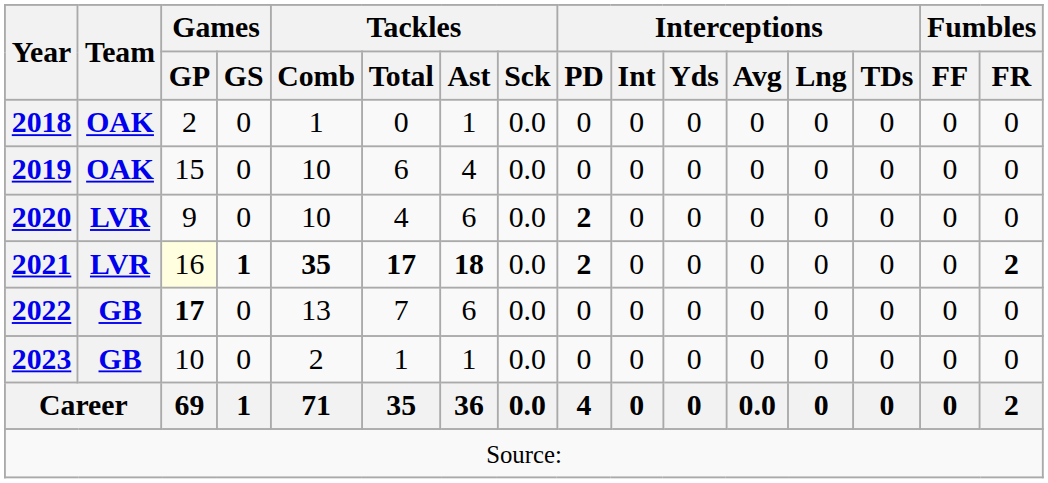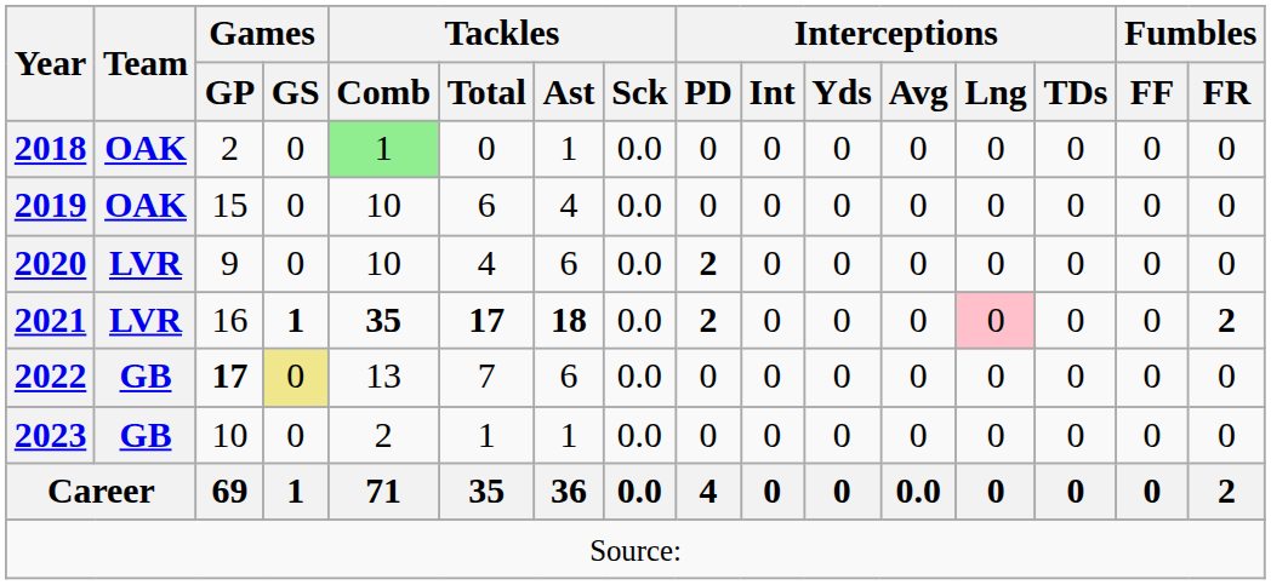 <table class="wikitable" style="text-align: center;">
 <tr>
 <th rowspan="2">Year</th>
 <th rowspan="2">Team</th>
 <th colspan="2">Games</th>
 <th colspan="4">Tackles</th>
 <th colspan="6">Interceptions</th>
 <th colspan="2">Fumbles</th>
 </tr>
 <tr>
 <th>GP</th>
 <th>GS</th>
 <th>Comb</th>
 <th>Total</th>
 <th>Ast</th>
 <th>Sck</th>
 <th>PD</th>
 <th>Int</th>
 <th>Yds</th>
 <th>Avg</th>
 <th>Lng</th>
 <th>TDs</th>
 <th>FF</th>
 <th>FR</th>
 </tr>
 <tr>
 <th><a href='#'>2018</a></th>
 <th><a href='#'>OAK</a></th>
 <td>2</td>
 <td>0</td>
-<td>1</td>
+<td style="background: lightgreen;">1</td>
 <td>0</td>
 <td>1</td>
 <td>0.0</td>
 <td>0</td>
 <td>0</td>
 <td>0</td>
 <td>0</td>
 <td>0</td>
 <td>0</td>
 <td>0</td>
 <td>0</td>
 </tr>
 <tr>
 <th><a href='#'>2019</a></th>
 <th><a href='#'>OAK</a></th>
 <td>15</td>
 <td>0</td>
 <td>10</td>
 <td>6</td>
 <td>4</td>
 <td>0.0</td>
 <td>0</td>
 <td>0</td>
 <td>0</td>
 <td>0</td>
 <td>0</td>
 <td>0</td>
 <td>0</td>
 <td>0</td>
 </tr>
 <tr>
 <th><a href='#'>2020</a></th>
 <th><a href='#'>LVR</a></th>
 <td>9</td>
 <td>0</td>
 <td>10</td>
 <td>4</td>
 <td>6</td>
 <td>0.0</td>
 <td><strong>2</strong></td>
 <td>0</td>
 <td>0</td>
 <td>0</td>
 <td>0</td>
 <td>0</td>
 <td>0</td>
 <td>0</td>
 </tr>
 <tr>
 <th><a href='#'>2021</a></th>
 <th><a href='#'>LVR</a></th>
-<td style="background: lightyellow;">16</td>
+<td>16</td>
 <td><strong>1</strong></td>
 <td><strong>35</strong></td>
 <td><strong>17</strong></td>
 <td><strong>18</strong></td>
 <td>0.0</td>
 <td><strong>2</strong></td>
 <td>0</td>
 <td>0</td>
 <td>0</td>
-<td>0</td>
+<td style="background: pink;">0</td>
 <td>0</td>
 <td>0</td>
 <td><strong>2</strong></td>
 </tr>
 <tr>
 <th><a href='#'>2022</a></th>
 <th><a href='#'>GB</a></th>
 <td><strong>17</strong></td>
-<td>0</td>
+<td style="background: khaki;">0</td>
 <td>13</td>
 <td>7</td>
 <td>6</td>
 <td>0.0</td>
 <td>0</td>
 <td>0</td>
 <td>0</td>
 <td>0</td>
 <td>0</td>
 <td>0</td>
 <td>0</td>
 <td>0</td>
 </tr>
 <tr>
 <th><a href='#'>2023</a></th>
 <th><a href='#'>GB</a></th>
 <td>10</td>
 <td>0</td>
 <td>2</td>
 <td>1</td>
 <td>1</td>
 <td>0.0</td>
 <td>0</td>
 <td>0</td>
 <td>0</td>
 <td>0</td>
 <td>0</td>
 <td>0</td>
 <td>0</td>
 <td>0</td>
 </tr>
 <tr>
 <th colspan="2">Career</th>
 <th>69</th>
 <th>1</th>
 <th>71</th>
 <th>35</th>
 <th>36</th>
 <th>0.0</th>
 <th>4</th>
 <th>0</th>
 <th>0</th>
 <th>0.0</th>
 <th>0</th>
 <th>0</th>
 <th>0</th>
 <th>2</th>
 </tr>
 <tr>
 <td colspan="18"><small>Source: </small></td>
 </tr>
 </table>
